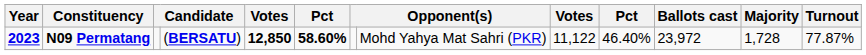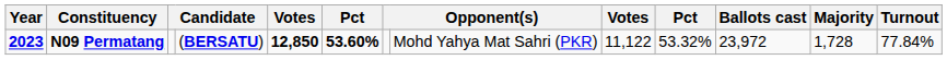 <table class="wikitable" style="margin:0.5em ; font-size:95%">
 <tr>
 <th>Year</th>
 <th>Constituency</th>
 <th colspan="2">Candidate</th>
 <th>Votes</th>
 <th>Pct</th>
 <th colspan="2">Opponent(s)</th>
 <th>Votes</th>
 <th>Pct</th>
 <th>Ballots cast</th>
 <th>Majority</th>
 <th>Turnout</th>
 </tr>
 <tr>
 <td><strong><a href='#'>2023</a></strong></td>
 <td><strong>N09 <a href='#'>Permatang</a></strong></td>
 <td></td>
 <td> (<a href='#'><strong>BERSATU</strong></a>)</td>
 <td align=right><strong>12,850</strong></td>
-<td><strong>58.60%</strong></td>
+<td><strong>53.60%</strong></td>
 <td></td>
 <td>Mohd Yahya Mat Sahri (<a href='#'>PKR</a>)</td>
 <td align=right>11,122</td>
-<td>46.40%</td>
+<td>53.32%</td>
 <td>23,972</td>
 <td>1,728</td>
-<td>77.87%</td>
+<td>77.84%</td>
 </tr>
 </table>
